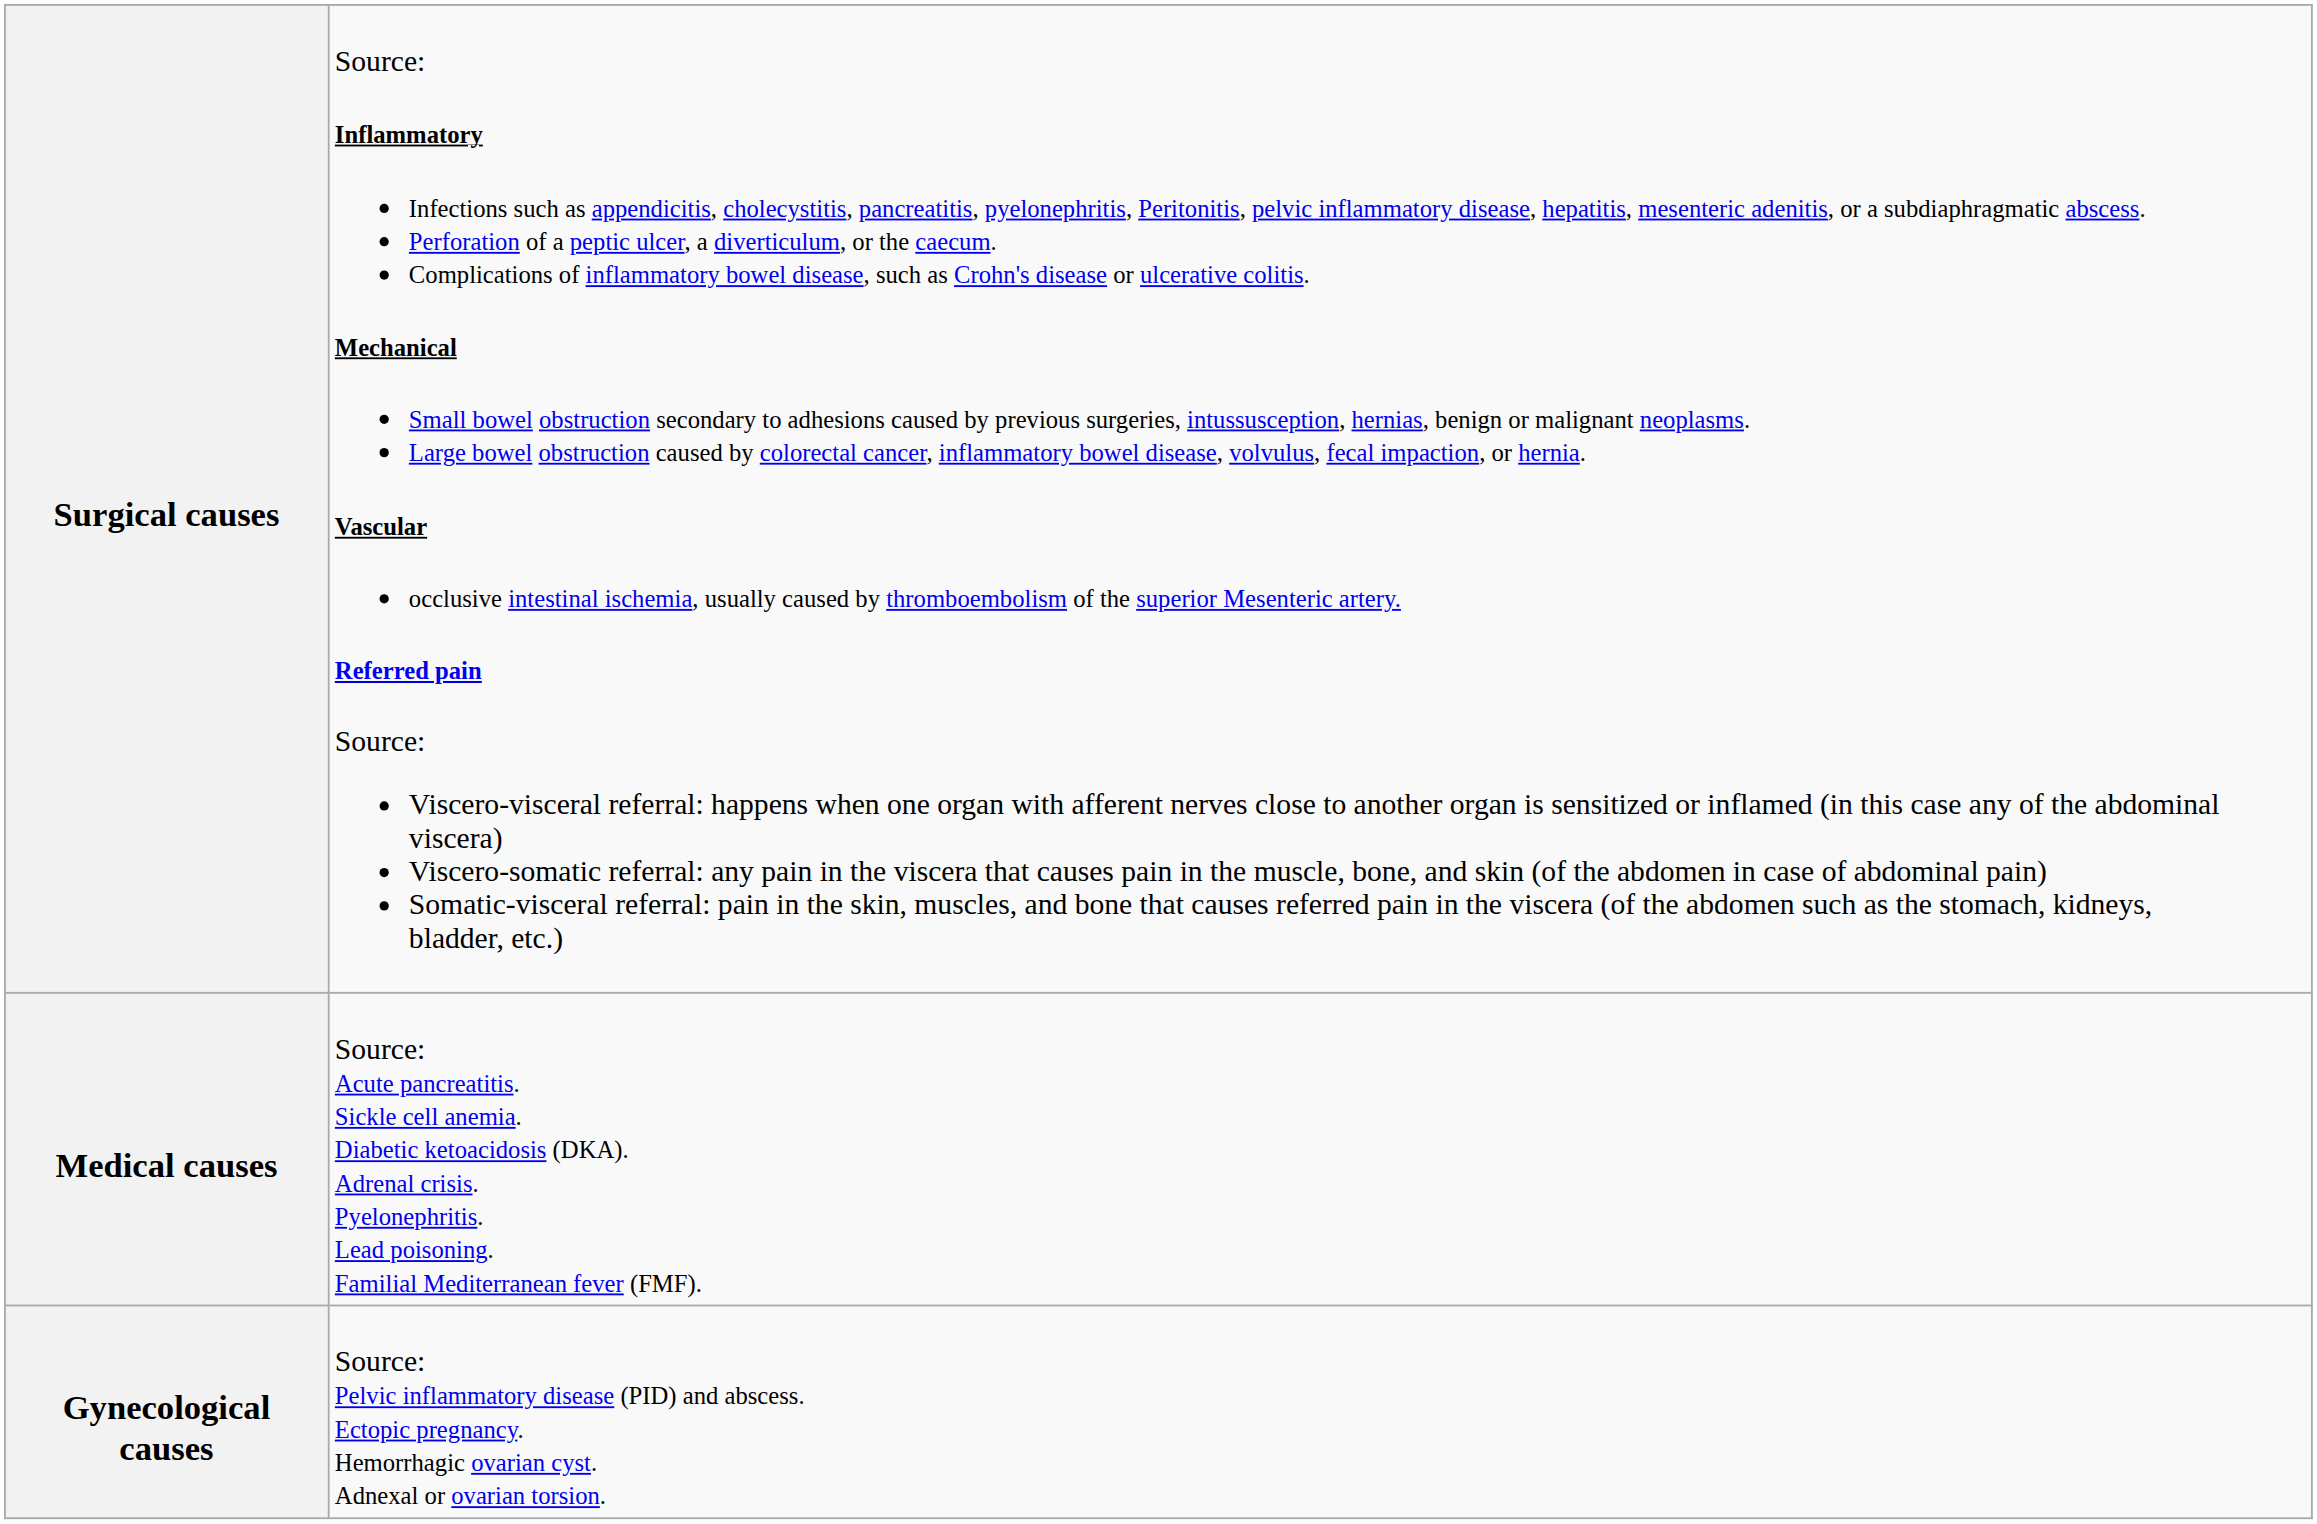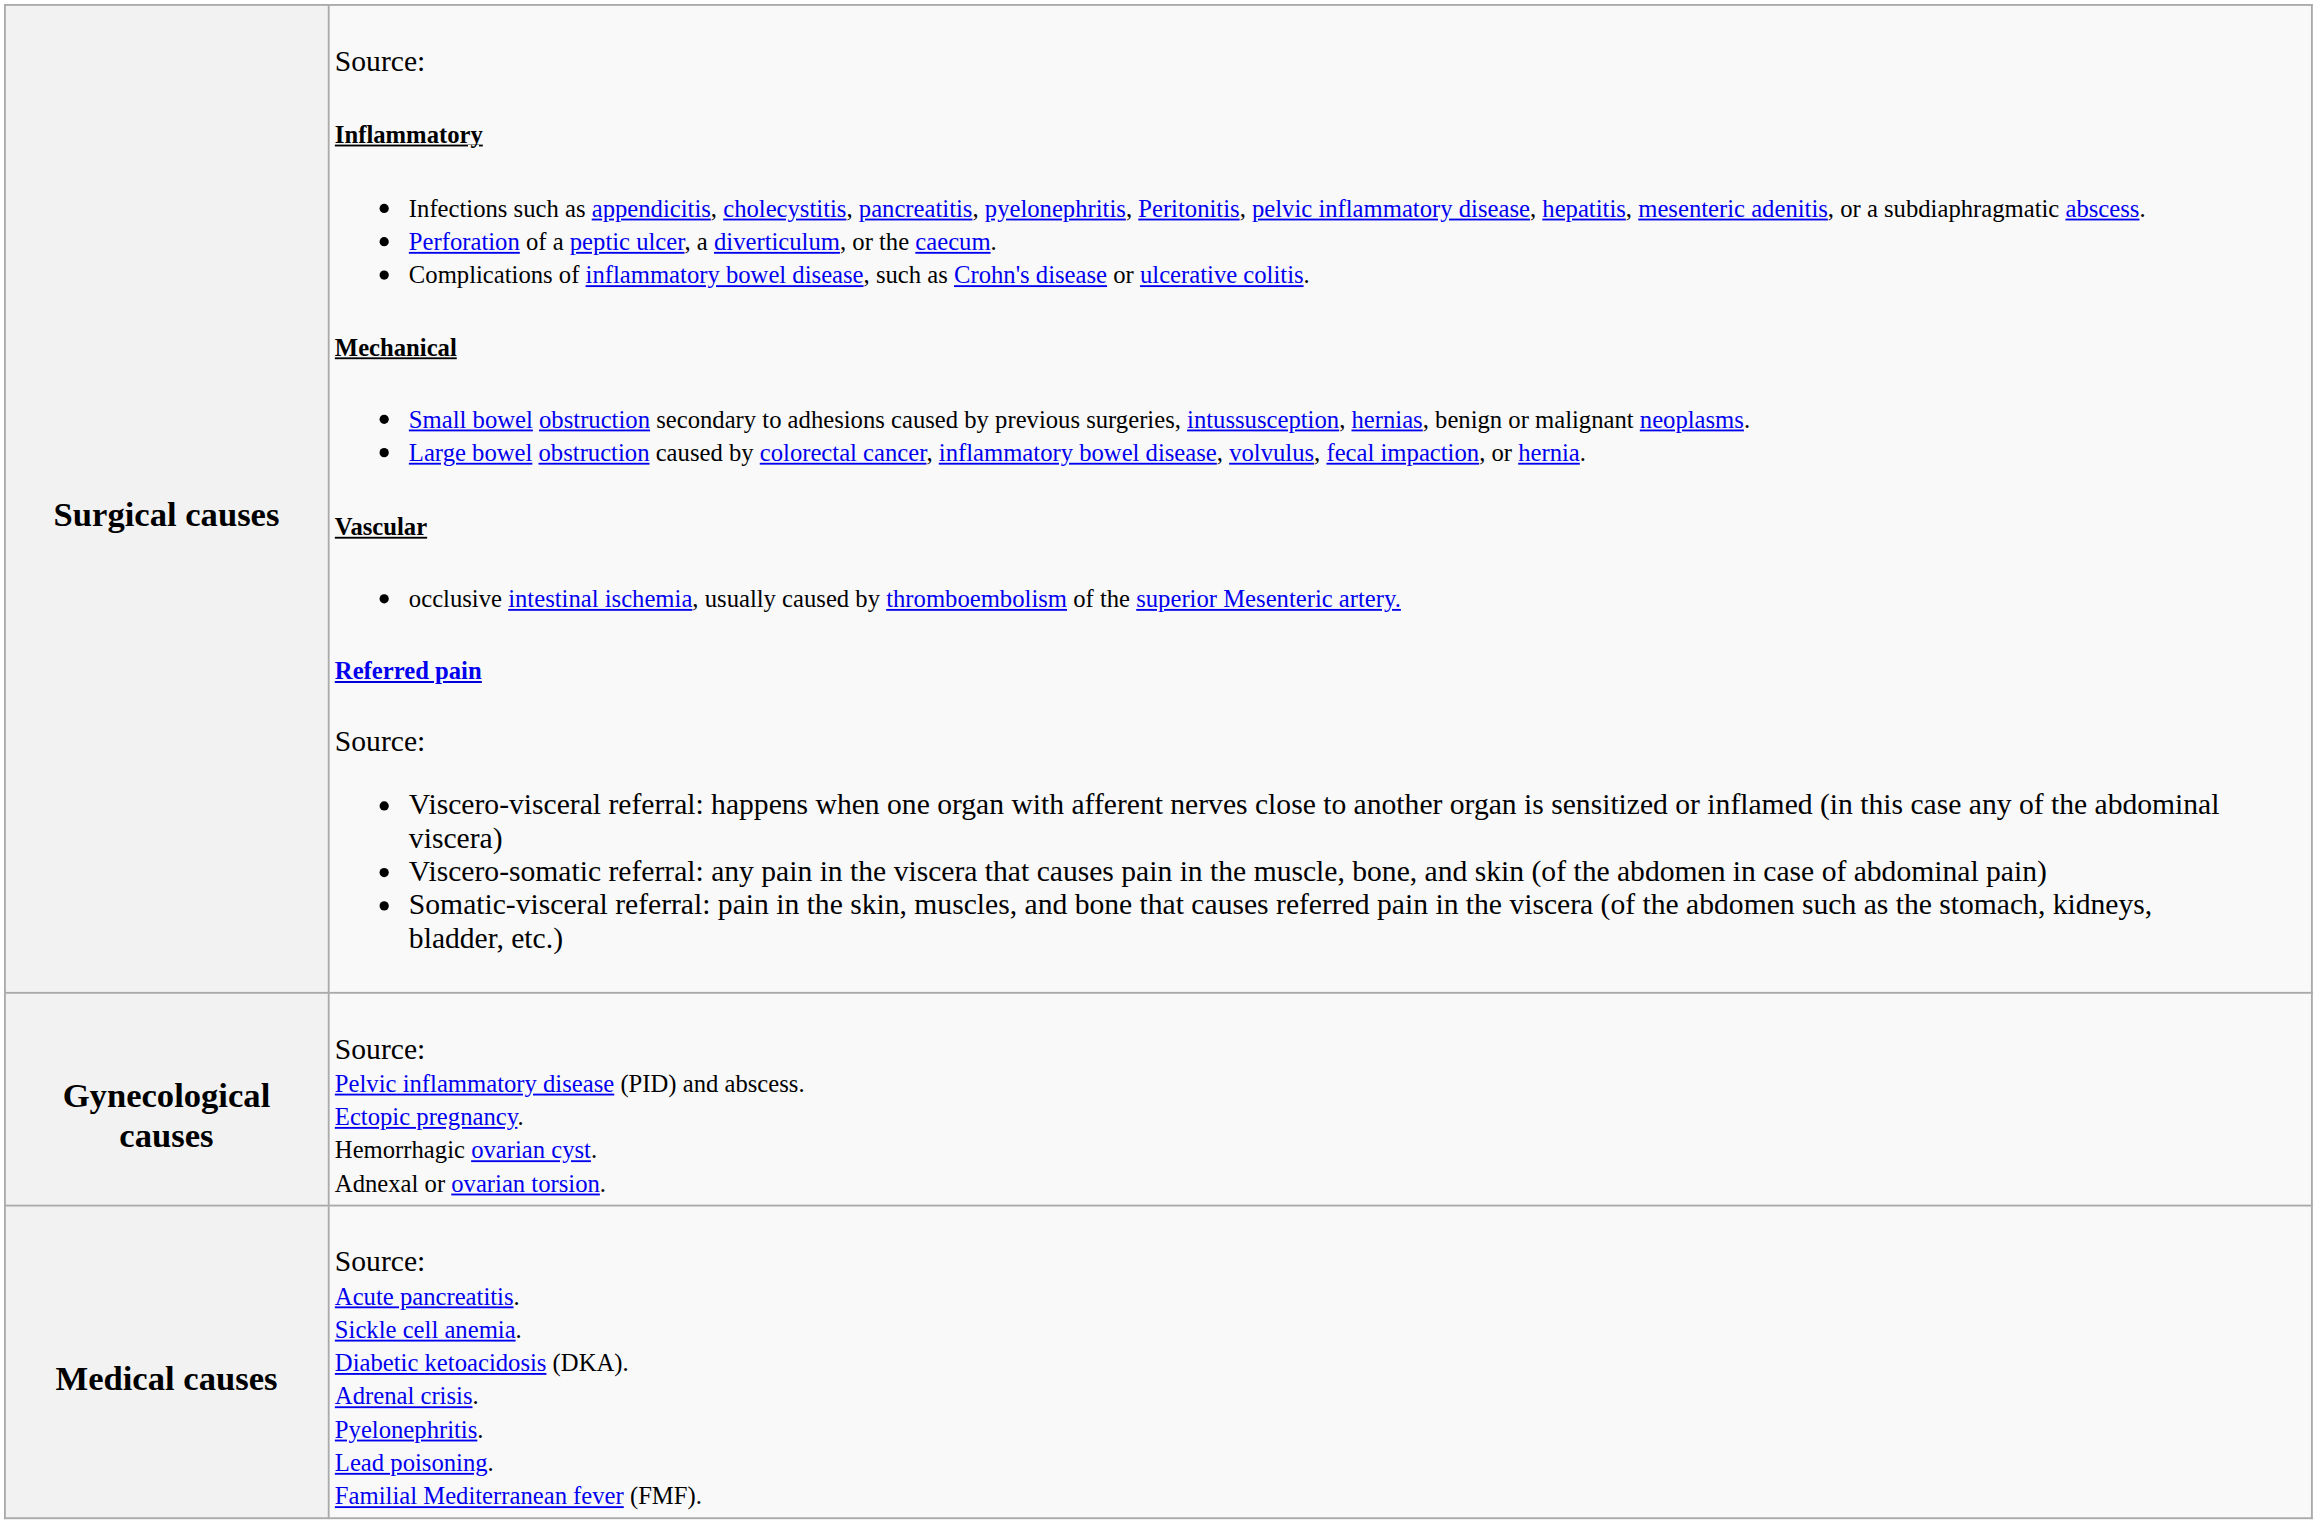 <table class="wikitable">
 <tr>
 <th><br><h3>Surgical causes</h3></th>
 <td><br>Source:<h4><u><small>Inflammatory</small></u><small></small></h4><ul><li><small>Infections such as <a href='#'>appendicitis</a>, <a href='#'>cholecystitis</a>, <a href='#'>pancreatitis</a>, <a href='#'>pyelonephritis</a>, <a href='#'>Peritonitis</a>, <a href='#'>pelvic inflammatory disease</a>, <a href='#'>hepatitis</a>, <a href='#'>mesenteric adenitis</a>, or a subdiaphragmatic <a href='#'>abscess</a>.</small></li><li><small><a href='#'>Perforation</a> of a <a href='#'>peptic ulcer</a>, a <a href='#'>diverticulum</a>, or the <a href='#'>caecum</a>.</small></li><li><small>Complications of <a href='#'>inflammatory bowel disease</a>, such as <a href='#'>Crohn's disease</a> or <a href='#'>ulcerative colitis</a>.</small></li></ul><h4><small><u>Mechanical</u></small></h4><ul><li><small><a href='#'>Small bowel</a> <a href='#'>obstruction</a> secondary to adhesions caused by previous surgeries,                                   <a href='#'>intussusception</a>, <a href='#'>hernias</a>, benign or malignant <a href='#'>neoplasms</a>.</small></li><li><small><a href='#'>Large bowel</a> <a href='#'>obstruction</a> caused by <a href='#'>colorectal cancer</a>, <a href='#'>inflammatory bowel disease</a>, <a href='#'>volvulus</a>, <a href='#'>fecal impaction</a>, or <a href='#'>hernia</a>.</small></li></ul><h4><small><u>Vascular</u></small></h4><ul><li><small>occlusive <a href='#'>intestinal ischemia</a>, usually caused by <a href='#'>thromboembolism</a> of the <a href='#'>superior Mesenteric artery.</a></small></li></ul><h4><u><small><a href='#'>Referred pain</a></small></u></h4>Source:<ul><li>Viscero-visceral referral: happens when one organ with afferent nerves close to another organ is sensitized or inflamed (in this case any of the abdominal viscera)</li><li>Viscero-somatic referral: any pain in the viscera that causes pain in the muscle, bone, and skin (of the abdomen in case of abdominal pain)</li><li>Somatic-visceral referral: pain in the skin, muscles, and bone that causes referred pain in the viscera (of the abdomen such as the stomach, kidneys, bladder, etc.)</li></ul></td>
 </tr>
 <tr>
+<th><br><h3>Gynecological causes</h3></th>
+<td><br>Source:<br><small><a href='#'>Pelvic inflammatory disease</a> (PID) and abscess.</small><br><small><a href='#'>Ectopic pregnancy</a>.</small><br><small>Hemorrhagic <a href='#'>ovarian cyst</a>.</small><br><small>Adnexal or <a href='#'>ovarian torsion</a>.</small></td>
+</tr>
+<tr>
 <th><br><h3>Medical causes</h3></th>
 <td><br>Source:<br><small><a href='#'>Acute pancreatitis</a>.</small><br><small><a href='#'>Sickle cell anemia</a>.</small><br><small><a href='#'>Diabetic ketoacidosis</a> (DKA).</small><br><small><a href='#'>Adrenal crisis</a>.</small><br><small><a href='#'>Pyelonephritis</a>.</small><br><small><a href='#'>Lead poisoning</a>.</small><br><small><a href='#'>Familial Mediterranean fever</a> (FMF).</small></td>
 </tr>
-<tr>
-<th><br><h3>Gynecological causes</h3></th>
-<td><br>Source:<br><small><a href='#'>Pelvic inflammatory disease</a> (PID) and abscess.</small><br><small><a href='#'>Ectopic pregnancy</a>.</small><br><small>Hemorrhagic <a href='#'>ovarian cyst</a>.</small><br><small>Adnexal or <a href='#'>ovarian torsion</a>.</small></td>
-</tr>
 </table>
